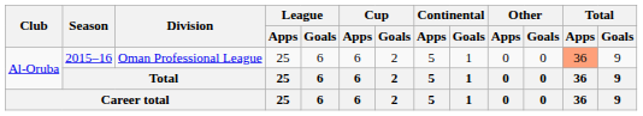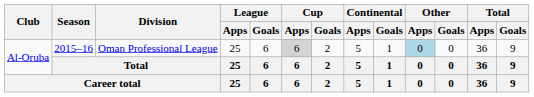 <table class="wikitable" style="text-align: center;">
 <tr>
 <th rowspan="2">Club</th>
 <th rowspan="2">Season</th>
 <th rowspan="2">Division</th>
 <th colspan="2">League</th>
 <th colspan="2">Cup</th>
 <th colspan="2">Continental</th>
 <th colspan="2">Other</th>
 <th colspan="2">Total</th>
 </tr>
 <tr>
 <th>Apps</th>
 <th>Goals</th>
 <th>Apps</th>
 <th>Goals</th>
 <th>Apps</th>
 <th>Goals</th>
 <th>Apps</th>
 <th>Goals</th>
 <th>Apps</th>
 <th>Goals</th>
 </tr>
 <tr>
 <td rowspan="2"><a href='#'>Al-Oruba</a></td>
 <td><a href='#'>2015–16</a></td>
 <td rowspan="1"><a href='#'>Oman Professional League</a></td>
 <td>25</td>
 <td>6</td>
-<td>6</td>
+<td style="background: lightgrey;">6</td>
 <td>2</td>
 <td>5</td>
 <td>1</td>
+<td style="background: lightblue;">0</td>
 <td>0</td>
-<td>0</td>
-<td style="background: lightsalmon;">36</td>
+<td>36</td>
 <td>9</td>
 </tr>
 <tr>
 <th colspan="2">Total</th>
 <th>25</th>
 <th>6</th>
 <th>6</th>
 <th>2</th>
 <th>5</th>
 <th>1</th>
 <th>0</th>
 <th>0</th>
 <th>36</th>
 <th>9</th>
 </tr>
 <tr>
 <th colspan="3">Career total</th>
 <th>25</th>
 <th>6</th>
 <th>6</th>
 <th>2</th>
 <th>5</th>
 <th>1</th>
 <th>0</th>
 <th>0</th>
 <th>36</th>
 <th>9</th>
 </tr>
 </table>
